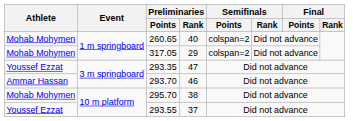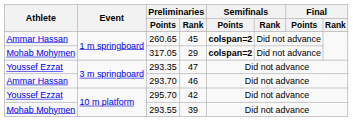 <table class=wikitable style="font-size:90%;">
 <tr>
 <th rowspan="2">Athlete</th>
 <th rowspan="2">Event</th>
 <th colspan="2">Preliminaries</th>
 <th colspan="2">Semifinals</th>
 <th colspan="2">Final</th>
 </tr>
 <tr style="font-size:95%">
 <th>Points</th>
 <th>Rank</th>
 <th>Points</th>
 <th>Rank</th>
 <th>Points</th>
 <th>Rank</th>
 </tr>
 <tr align=center>
-<td align=left><a href='#'>Mohab Mohymen</a></td>
+<td align=left><a href='#'>Ammar Hassan</a></td>
 <td align=left rowspan=2><a href='#'>1 m springboard</a></td>
 <td>260.65</td>
-<td>40</td>
-<td>colspan=2 </td>
+<td>45</td>
+<td><strong>colspan=2 </strong></td>
 <td colspan=2>Did not advance</td>
 </tr>
 <tr align=center>
 <td align=left><a href='#'>Mohab Mohymen</a></td>
 <td>317.05</td>
 <td>29</td>
-<td>colspan=2 </td>
+<td><strong>colspan=2 </strong></td>
 <td colspan=2>Did not advance</td>
 </tr>
 <tr align=center>
 <td align=left><a href='#'>Youssef Ezzat</a></td>
 <td align=left rowspan=2><a href='#'>3 m springboard</a></td>
 <td>293.35</td>
 <td>47</td>
 <td colspan=4>Did not advance</td>
 </tr>
 <tr align=center>
 <td align=left><a href='#'>Ammar Hassan</a></td>
 <td>293.70</td>
 <td>46</td>
 <td colspan=4>Did not advance</td>
 </tr>
 <tr align=center>
-<td align=left><a href='#'>Mohab Mohymen</a></td>
+<td align=left><a href='#'>Youssef Ezzat</a></td>
 <td align=left rowspan=2><a href='#'>10 m platform</a></td>
 <td>295.70</td>
-<td>38</td>
+<td>42</td>
 <td colspan=4>Did not advance</td>
 </tr>
 <tr align=center>
-<td align=left><a href='#'>Youssef Ezzat</a></td>
+<td align=left><a href='#'>Mohab Mohymen</a></td>
 <td>293.55</td>
-<td>37</td>
+<td>39</td>
 <td colspan=4>Did not advance</td>
 </tr>
 </table>
